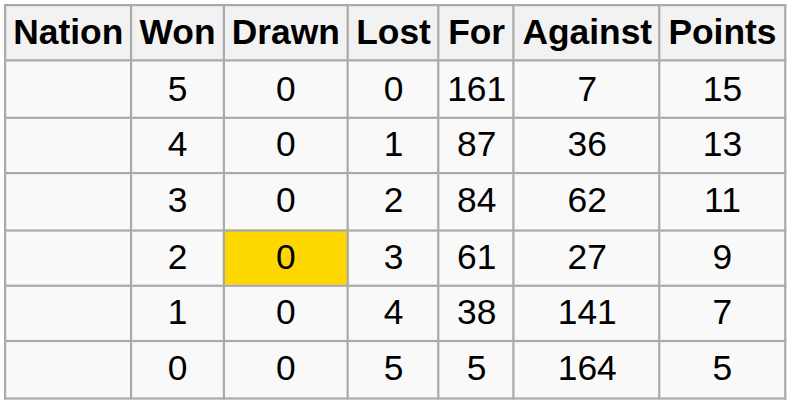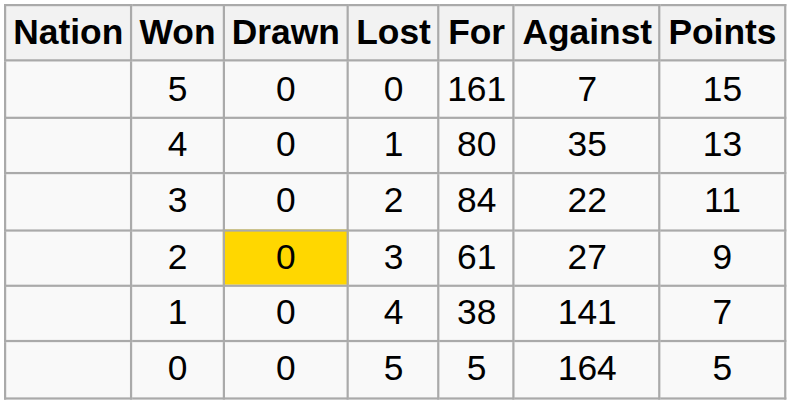 <table class="wikitable" style="text-align: center;">
 <tr>
 <th>Nation</th>
 <th>Won</th>
 <th>Drawn</th>
 <th>Lost</th>
 <th>For</th>
 <th>Against</th>
 <th>Points</th>
 </tr>
 <tr>
 <td align=left></td>
 <td>5</td>
 <td>0</td>
 <td>0</td>
 <td>161</td>
 <td>7</td>
 <td>15</td>
 </tr>
 <tr>
 <td align=left></td>
 <td>4</td>
 <td>0</td>
 <td>1</td>
-<td>87</td>
-<td>36</td>
+<td>80</td>
+<td>35</td>
 <td>13</td>
 </tr>
 <tr>
 <td align=left></td>
 <td>3</td>
 <td>0</td>
 <td>2</td>
 <td>84</td>
-<td>62</td>
+<td>22</td>
 <td>11</td>
 </tr>
 <tr>
 <td align=left></td>
 <td>2</td>
 <td style="background: gold;">0</td>
 <td>3</td>
 <td>61</td>
 <td>27</td>
 <td>9</td>
 </tr>
 <tr>
 <td align=left></td>
 <td>1</td>
 <td>0</td>
 <td>4</td>
 <td>38</td>
 <td>141</td>
 <td>7</td>
 </tr>
 <tr>
 <td align=left></td>
 <td>0</td>
 <td>0</td>
 <td>5</td>
 <td>5</td>
 <td>164</td>
 <td>5</td>
 </tr>
 </table>
